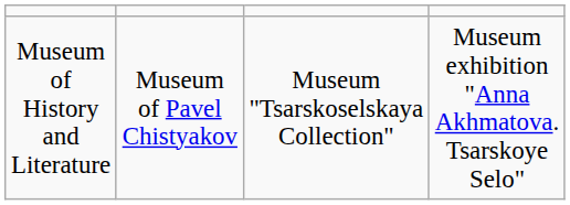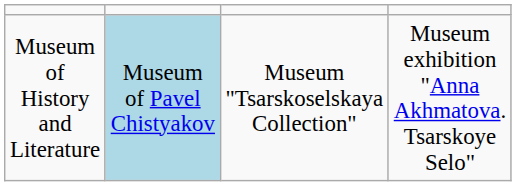 <table Class = "wikitable" style = "text-align: center">
 <tr>
 <td style="width:25px;"></td>
 <td style="width:25px;"></td>
 <td style="width:25px;"></td>
 <td style="width:25px;"></td>
 </tr>
 <tr>
 <td>Museum of History and Literature</td>
-<td>Museum of <a href='#'>Pavel Chistyakov</a></td>
+<td style="background: lightblue;">Museum of <a href='#'>Pavel Chistyakov</a></td>
 <td>Museum "Tsarskoselskaya Collection"</td>
 <td>Museum exhibition "<a href='#'>Anna Akhmatova</a>. Tsarskoye Selo"</td>
 </tr>
 </table>
